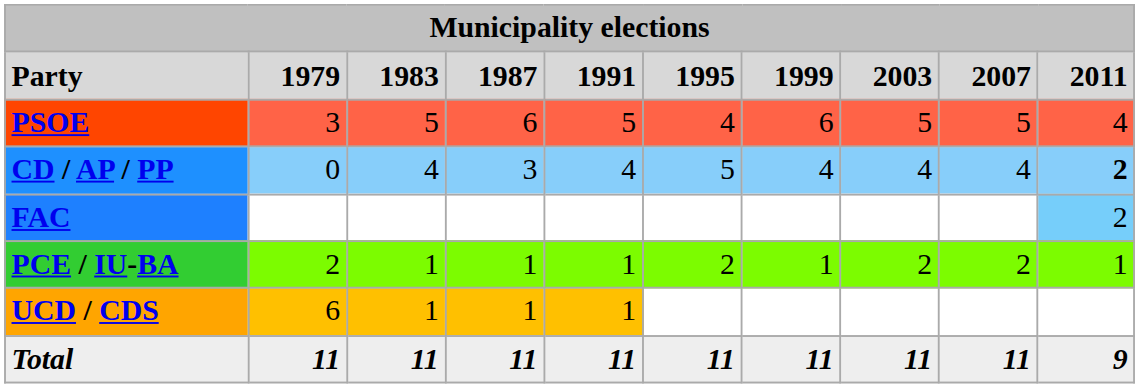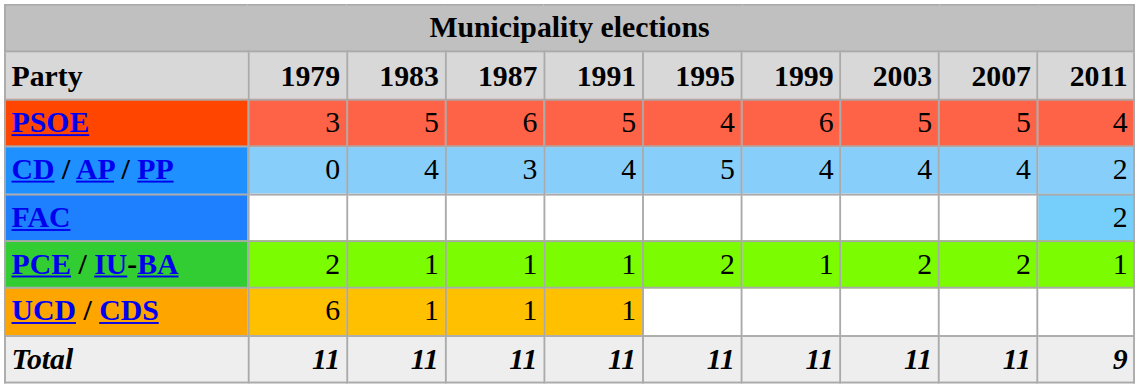 <table class="wikitable" style="margin:0 auto">
 <tr>
 <td colspan="10" style="width:600px; background:silver; text-align:center;"><strong>Municipality elections</strong></td>
 </tr>
 <tr style="background:#d8d8d8;">
 <td><strong>Party</strong></td>
 <td style="text-align:right;"><strong>1979</strong></td>
 <td style="text-align:right;"><strong>1983</strong></td>
 <td style="text-align:right;"><strong>1987</strong></td>
 <td style="text-align:right;"><strong>1991</strong></td>
 <td style="text-align:right;"><strong>1995</strong></td>
 <td style="text-align:right;"><strong>1999</strong></td>
 <td style="text-align:right;"><strong>2003</strong></td>
 <td style="text-align:right;"><strong>2007</strong></td>
 <td style="text-align:right;"><strong>2011</strong></td>
 </tr>
 <tr>
 <td style="background:#ff4500;"><strong><a href='#'>PSOE</a></strong></td>
 <td style="background:tomato; text-align:right;">3</td>
 <td style="background:tomato; text-align:right;">5</td>
 <td style="background:tomato; text-align:right;">6</td>
 <td style="background:tomato; text-align:right;">5</td>
 <td style="background:tomato; text-align:right;">4</td>
 <td style="background:tomato; text-align:right;">6</td>
 <td style="background:tomato; text-align:right;">5</td>
 <td style="background:tomato; text-align:right;">5</td>
 <td style="background:tomato; text-align:right;">4</td>
 </tr>
 <tr>
 <td style="background:#1e90ff;"><strong><a href='#'>CD</a> / <a href='#'>AP</a> / <a href='#'>PP</a></strong></td>
 <td style="background:#87cefa; text-align:right;">0</td>
 <td style="background:#87cefa; text-align:right;">4</td>
 <td style="background:#87cefa; text-align:right;">3</td>
 <td style="background:#87cefa; text-align:right;">4</td>
 <td style="background:#87cefa; text-align:right;">5</td>
 <td style="background:#87cefa; text-align:right;">4</td>
 <td style="background:#87cefa; text-align:right;">4</td>
 <td style="background:#87cefa; text-align:right;">4</td>
-<td style="background:#87cefa; text-align:right;"><strong>2</strong></td>
+<td style="background:#87cefa; text-align:right;">2</td>
 </tr>
 <tr>
 <td style="background:#1e80ff;"><strong><a href='#'>FAC</a></strong></td>
 <td style="background:#fff; text-align:right;"></td>
 <td style="background:#fff; text-align:right;"></td>
 <td style="background:#fff; text-align:right;"></td>
 <td style="background:#fff; text-align:right;"></td>
 <td style="background:#fff; text-align:right;"></td>
 <td style="background:#fff; text-align:right;"></td>
 <td style="background:#fff; text-align:right;"></td>
 <td style="background:#fff; text-align:right;"></td>
 <td style="background:#76cefa; text-align:right;">2</td>
 </tr>
 <tr>
 <td style="background:#32cd32;"><strong><a href='#'>PCE</a> / <a href='#'>IU</a>-<a href='#'>BA</a></strong></td>
 <td style="background:#7cfc00; text-align:right;">2</td>
 <td style="background:#7cfc00; text-align:right;">1</td>
 <td style="background:#7cfc00; text-align:right;">1</td>
 <td style="background:#7cfc00; text-align:right;">1</td>
 <td style="background:#7cfc00; text-align:right;">2</td>
 <td style="background:#7cfc00; text-align:right;">1</td>
 <td style="background:#7cfc00; text-align:right;">2</td>
 <td style="background:#7cfc00; text-align:right;">2</td>
 <td style="background:#7cfc00; text-align:right;">1</td>
 </tr>
 <tr>
 <td style="background:orange;"><strong><a href='#'>UCD</a> / <a href='#'>CDS</a></strong></td>
 <td style="background:#ffc000; text-align:right;">6</td>
 <td style="background:#ffc000; text-align:right;">1</td>
 <td style="background:#ffc000; text-align:right;">1</td>
 <td style="background:#ffc000; text-align:right;">1</td>
 <td style="background:#fff; text-align:right;"></td>
 <td style="background:#fff; text-align:right;"></td>
 <td style="background:#fff; text-align:right;"></td>
 <td style="background:#fff; text-align:right;"></td>
 <td style="background:#fff; text-align:right;"></td>
 </tr>
 <tr style="background:#eee;">
 <td><strong><em>Total</em></strong></td>
 <td style="text-align:right;"><strong><em>11</em></strong></td>
 <td style="text-align:right;"><strong><em>11</em></strong></td>
 <td style="text-align:right;"><strong><em>11</em></strong></td>
 <td style="text-align:right;"><strong><em>11</em></strong></td>
 <td style="text-align:right;"><strong><em>11</em></strong></td>
 <td style="text-align:right;"><strong><em>11</em></strong></td>
 <td style="text-align:right;"><strong><em>11</em></strong></td>
 <td style="text-align:right;"><strong><em>11</em></strong></td>
 <td style="text-align:right;"><strong><em>9</em></strong></td>
 </tr>
 </table>
